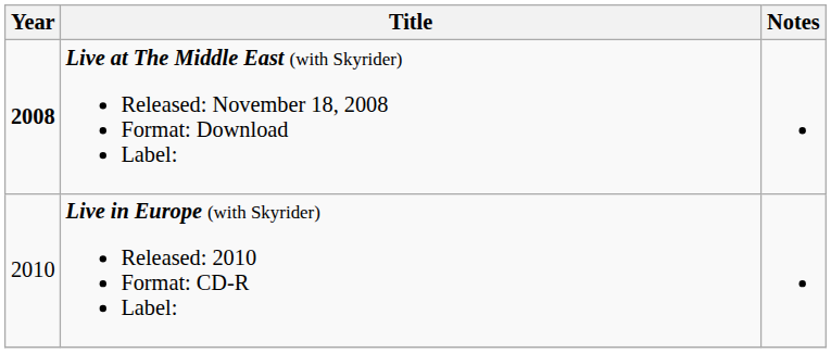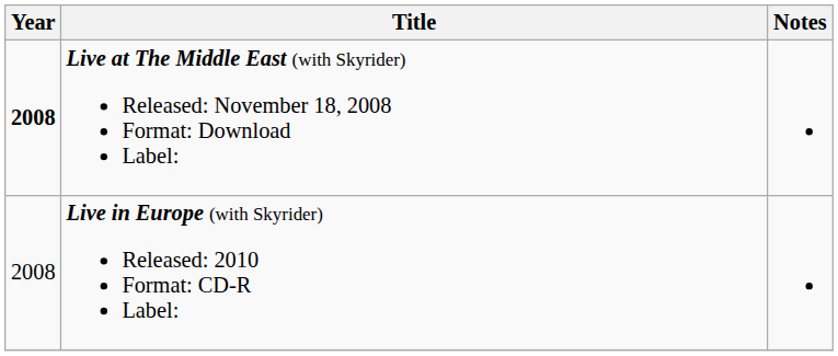 <table class="wikitable">
 <tr>
 <th rowspan="1" style="width:33px;">Year</th>
 <th rowspan="1" style="width:500px;">Title</th>
 <th rowspan="1">Notes</th>
 </tr>
 <tr>
 <td style="text-align:center;"><strong>2008</strong></td>
 <td><strong><em>Live at The Middle East</em></strong> <small>(with Skyrider)</small><br><ul><li>Released: November 18, 2008</li><li>Format: Download</li><li>Label:</li></ul></td>
 <td><br><ul><li></li></ul></td>
 </tr>
 <tr>
-<td style="text-align:center;">2010</td>
+<td style="text-align:center;">2008</td>
 <td><strong><em>Live in Europe</em></strong> <small>(with Skyrider)</small><br><ul><li>Released: 2010</li><li>Format: CD-R</li><li>Label:</li></ul></td>
 <td><br><ul><li></li></ul></td>
 </tr>
 <tr>
 </tr>
 </table>
